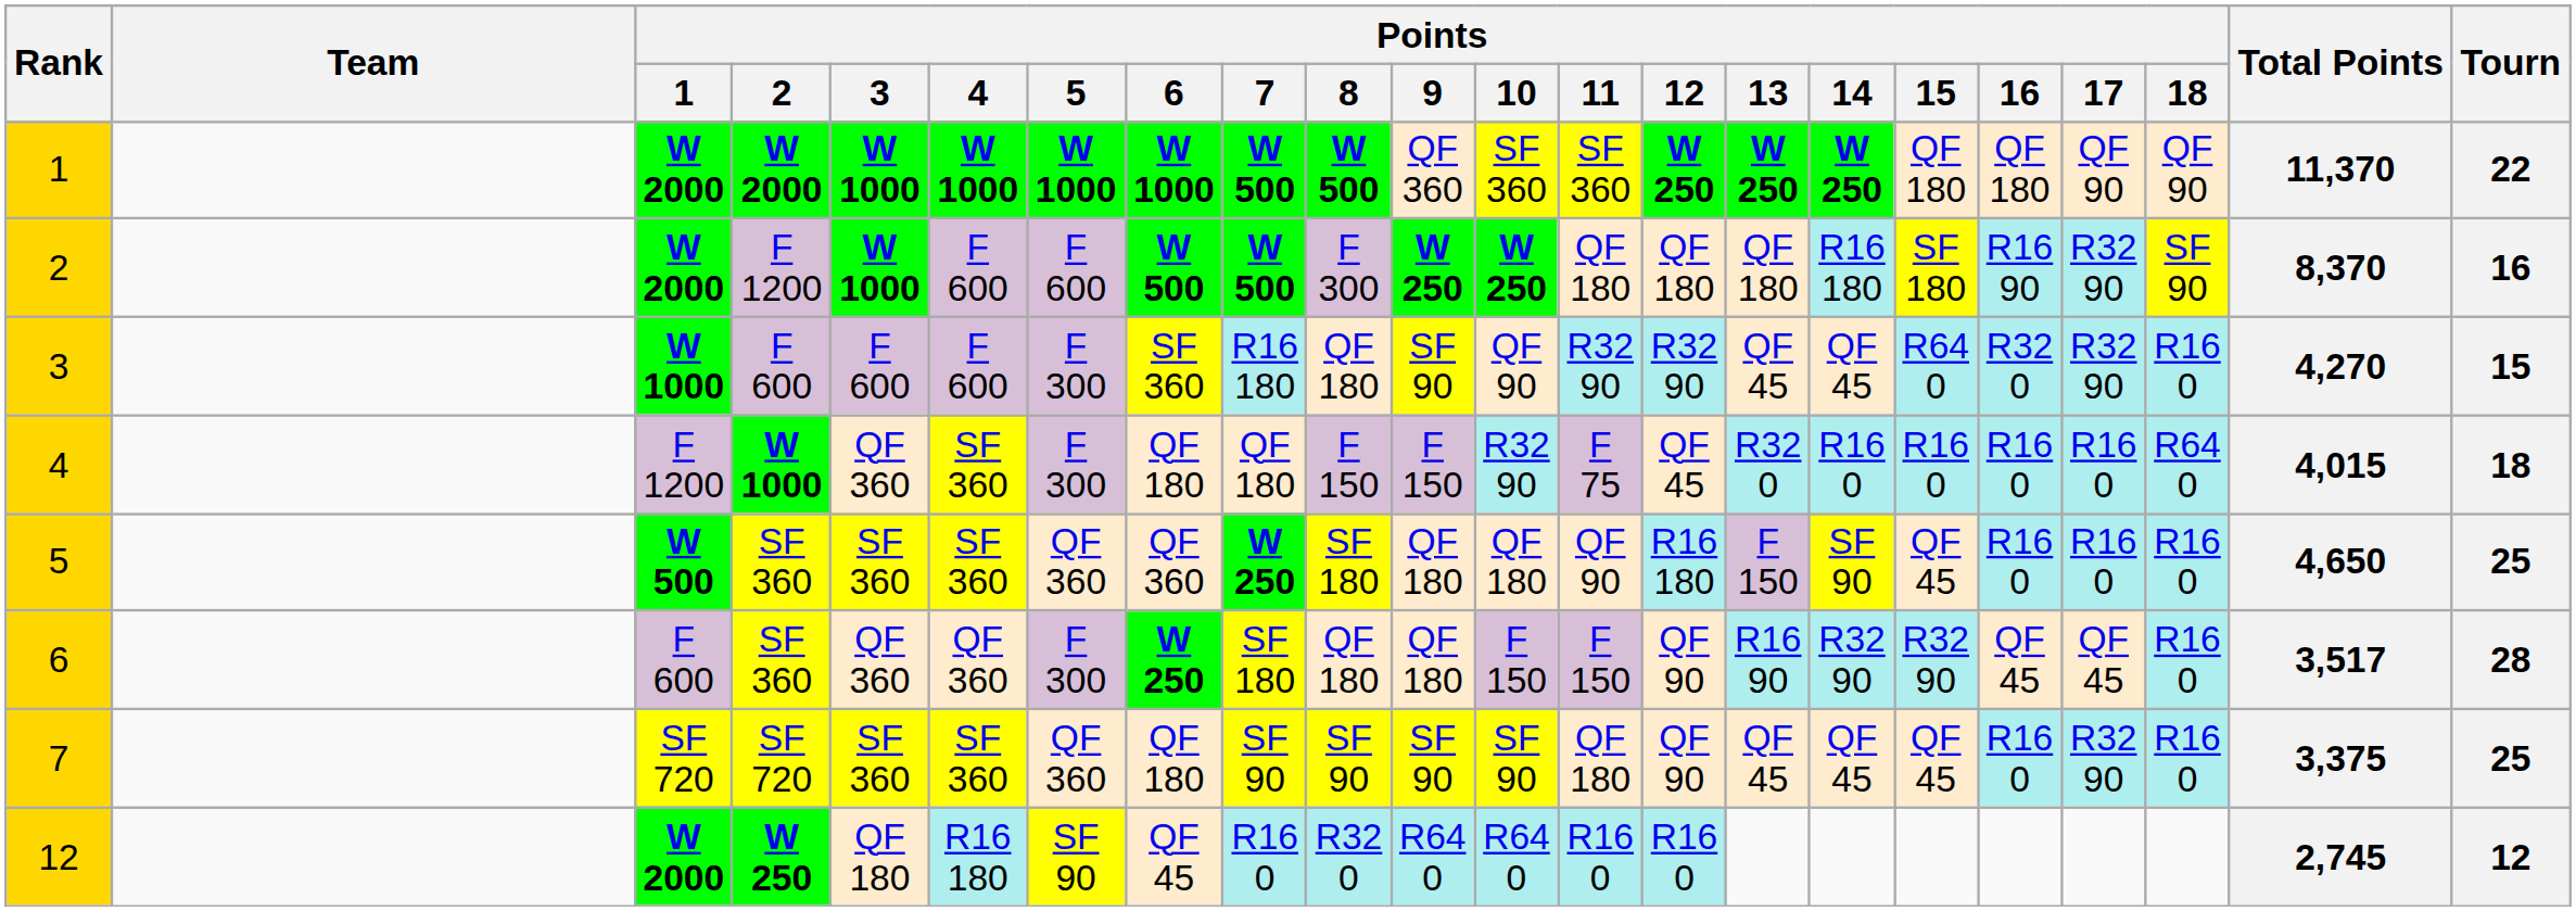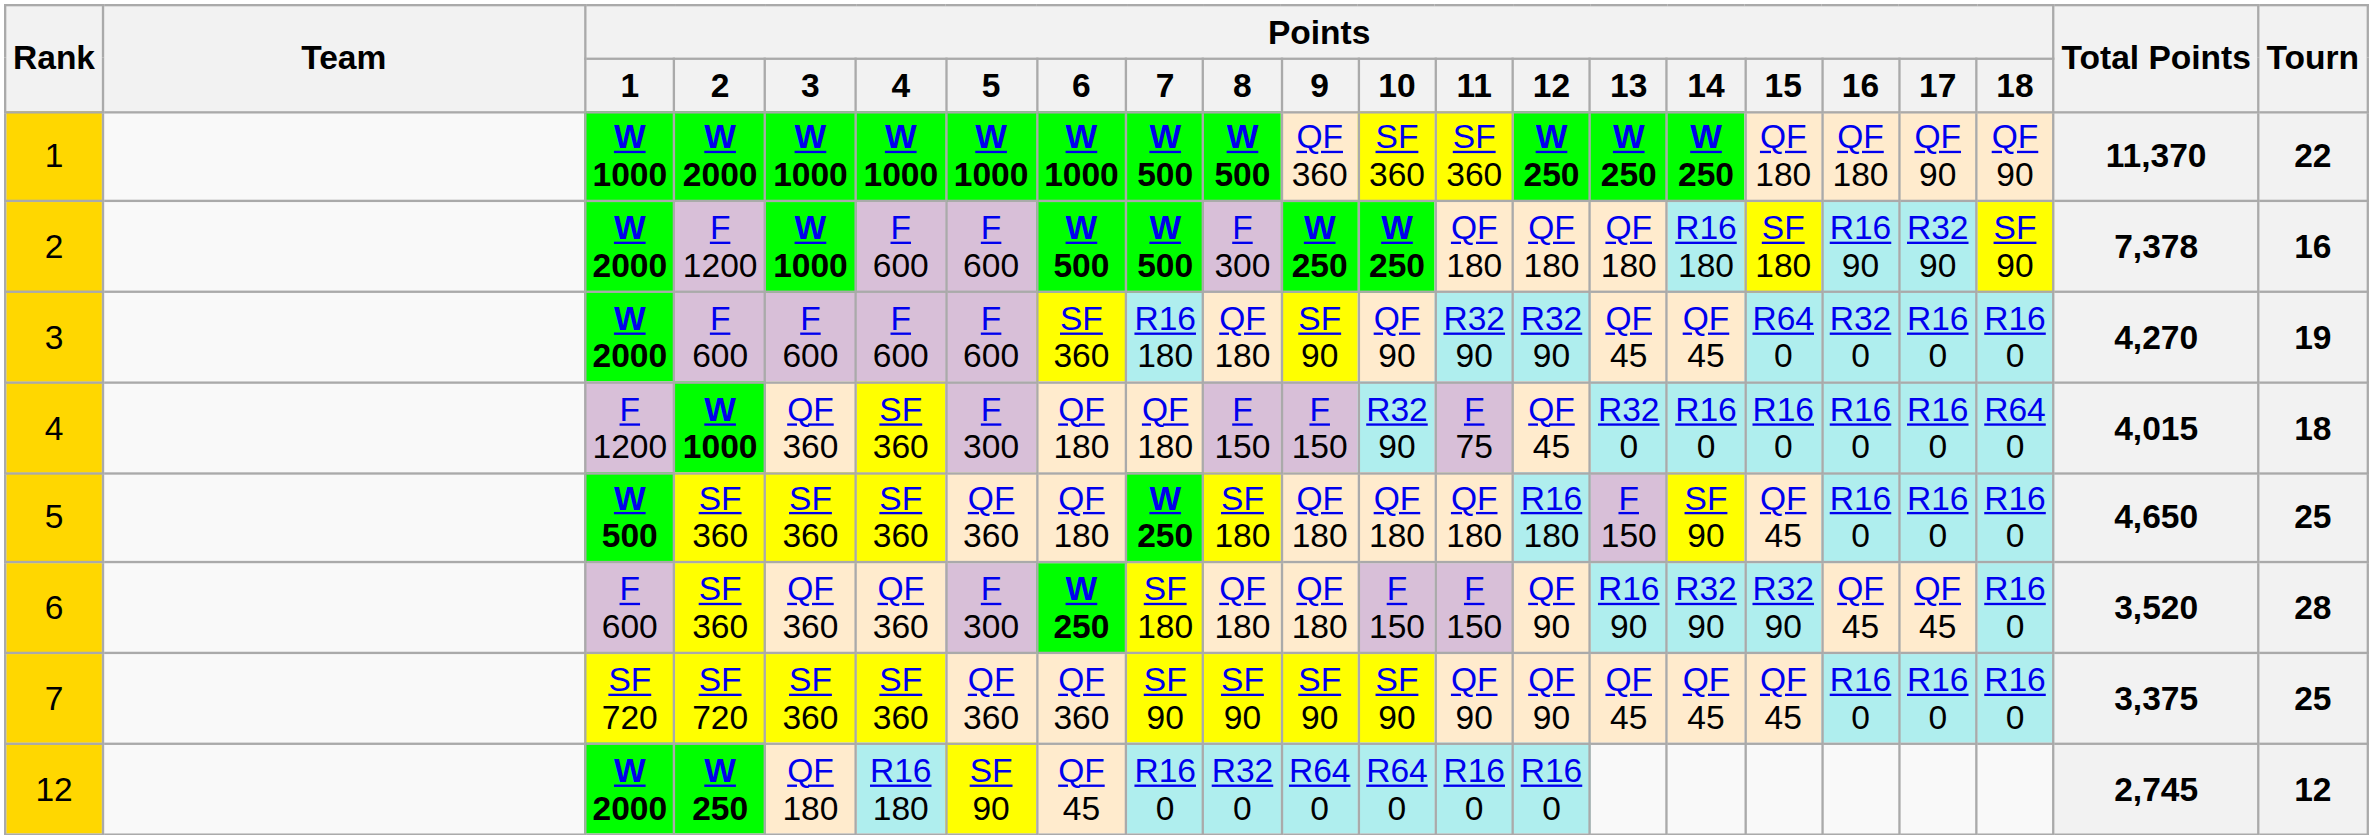 <table class=wikitable style=font-size:90%;text-align:center>
 <tr>
 <th rowspan="2" style="width:20px;">Rank</th>
 <th rowspan="2" style="width:200px;">Team</th>
 <th colspan="18" style="width:50px;">Points</th>
 <th rowspan=2>Total Points</th>
 <th rowspan=2>Tourn</th>
 </tr>
 <tr>
 <th width=25>1</th>
 <th width=25>2</th>
 <th width=25>3</th>
 <th width=25>4</th>
 <th width=25>5</th>
 <th width=25>6</th>
 <th width=25>7</th>
 <th width=25>8</th>
 <th width=25>9</th>
 <th width=25>10</th>
 <th width=25>11</th>
 <th width=25>12</th>
 <th width=25>13</th>
 <th width=25>14</th>
 <th width=25>15</th>
 <th width=25>16</th>
 <th width=25>17</th>
 <th width=25>18</th>
 </tr>
 <tr>
 <td bgcolor=gold>1</td>
 <td align=left><br></td>
-<td bgcolor=lime><strong><a href='#'>W</a><br>2000</strong></td>
+<td bgcolor=lime><strong><a href='#'>W</a><br>1000</strong></td>
 <td bgcolor=lime><strong><a href='#'>W</a><br>2000</strong></td>
 <td bgcolor=lime><strong><a href='#'>W</a><br>1000</strong></td>
 <td bgcolor=lime><strong><a href='#'>W</a><br>1000</strong></td>
 <td bgcolor=lime><strong><a href='#'>W</a><br>1000</strong></td>
 <td bgcolor=lime><strong><a href='#'>W</a><br>1000</strong></td>
 <td bgcolor=lime><strong><a href='#'>W</a><br>500</strong></td>
 <td bgcolor=lime><strong><a href='#'>W</a><br>500</strong></td>
 <td bgcolor=#ffebcd><a href='#'>QF</a><br>360</td>
 <td bgcolor=yellow><a href='#'>SF</a><br>360</td>
 <td bgcolor=yellow><a href='#'>SF</a><br>360</td>
 <td bgcolor=lime> <strong><a href='#'>W</a><br>250</strong></td>
 <td bgcolor=lime> <strong><a href='#'>W</a><br>250</strong></td>
 <td bgcolor=lime> <strong><a href='#'>W</a><br>250</strong></td>
 <td bgcolor=#ffebcd><a href='#'>QF</a><br>180</td>
 <td bgcolor=#ffebcd><a href='#'>QF</a><br>180</td>
 <td bgcolor=#ffebcd><a href='#'>QF</a><br>90</td>
 <td bgcolor=#ffebcd><a href='#'>QF</a><br>90</td>
 <th>11,370</th>
 <th>22</th>
 </tr>
 <tr>
 <td bgcolor=gold>2</td>
 <td align=left><br></td>
 <td bgcolor=lime><strong><a href='#'>W</a><br>2000</strong></td>
 <td bgcolor=thistle><a href='#'>F</a><br>1200</td>
 <td bgcolor=lime><strong><a href='#'>W</a><br>1000</strong></td>
 <td bgcolor=thistle><a href='#'>F</a><br>600</td>
 <td bgcolor=thistle><a href='#'>F</a><br>600</td>
 <td bgcolor=lime><strong><a href='#'>W</a><br>500</strong></td>
 <td bgcolor=lime> <strong><a href='#'>W</a><br>500</strong></td>
 <td bgcolor=thistle><a href='#'>F</a><br>300</td>
 <td bgcolor=lime> <strong><a href='#'>W</a><br>250</strong></td>
 <td bgcolor=lime> <strong><a href='#'>W</a><br>250</strong></td>
 <td bgcolor=#ffebcd><a href='#'>QF</a><br>180</td>
 <td bgcolor=#ffebcd><a href='#'>QF</a><br>180</td>
 <td bgcolor=#ffebcd><a href='#'>QF</a><br>180</td>
 <td bgcolor=#afeeee><a href='#'>R16</a><br>180</td>
 <td bgcolor=yellow><a href='#'>SF</a><br>180</td>
 <td bgcolor=#afeeee><a href='#'>R16</a><br>90</td>
 <td bgcolor=#afeeee><a href='#'>R32</a><br>90</td>
 <td bgcolor=yellow><a href='#'>SF</a><br>90</td>
-<th>8,370</th>
+<th>7,378</th>
 <th>16</th>
 </tr>
 <tr>
 <td bgcolor=gold>3</td>
 <td align=left><br></td>
-<td bgcolor=lime><strong><a href='#'>W</a><br>1000</strong></td>
+<td bgcolor=lime><strong><a href='#'>W</a><br>2000</strong></td>
 <td bgcolor=thistle><a href='#'>F</a><br>600</td>
 <td bgcolor=thistle><a href='#'>F</a><br>600</td>
 <td bgcolor=thistle><a href='#'>F</a><br>600</td>
-<td bgcolor=thistle><a href='#'>F</a><br>300</td>
+<td bgcolor=thistle><a href='#'>F</a><br>600</td>
 <td bgcolor=yellow><a href='#'>SF</a><br>360</td>
 <td bgcolor=#afeeee><a href='#'>R16</a><br>180</td>
 <td bgcolor=#ffebcd><a href='#'>QF</a><br>180</td>
 <td bgcolor=yellow><a href='#'>SF</a><br>90</td>
 <td bgcolor=#ffebcd><a href='#'>QF</a><br>90</td>
 <td bgcolor=#afeeee><a href='#'>R32</a><br>90</td>
 <td bgcolor=#afeeee><a href='#'>R32</a><br>90</td>
 <td bgcolor=#ffebcd><a href='#'>QF</a><br>45</td>
 <td bgcolor=#ffebcd><a href='#'>QF</a><br>45</td>
 <td bgcolor=#afeeee><a href='#'>R64</a><br>0</td>
 <td bgcolor=#afeeee><a href='#'>R32</a><br>0</td>
-<td bgcolor=#afeeee><a href='#'>R32</a><br>90</td>
+<td bgcolor=#afeeee><a href='#'>R16</a><br>0</td>
 <td bgcolor=#afeeee><a href='#'>R16</a><br>0</td>
 <th>4,270</th>
-<th>15</th>
+<th>19</th>
 </tr>
 <tr>
 <td bgcolor=gold>4</td>
 <td align=left><br></td>
 <td bgcolor=thistle><a href='#'>F</a><br>1200</td>
 <td bgcolor=lime><strong><a href='#'>W</a><br>1000</strong></td>
 <td bgcolor=#ffebcd><a href='#'>QF</a><br>360</td>
 <td bgcolor=yellow><a href='#'>SF</a><br>360</td>
 <td bgcolor=thistle><a href='#'>F</a><br>300</td>
 <td bgcolor=#ffebcd><a href='#'>QF</a><br>180</td>
 <td bgcolor=#ffebcd><a href='#'>QF</a><br>180</td>
 <td bgcolor=thistle><a href='#'>F</a><br>150</td>
 <td bgcolor=thistle><a href='#'>F</a><br>150</td>
 <td bgcolor=#afeeee><a href='#'>R32</a><br>90</td>
 <td bgcolor=thistle><a href='#'>F</a><br>75</td>
 <td bgcolor=#ffebcd><a href='#'>QF</a><br>45</td>
 <td bgcolor=#afeeee><a href='#'>R32</a><br>0</td>
 <td bgcolor=#afeeee><a href='#'>R16</a><br>0</td>
 <td bgcolor=#afeeee><a href='#'>R16</a><br>0</td>
 <td bgcolor=#afeeee><a href='#'>R16</a><br>0</td>
 <td bgcolor=#afeeee><a href='#'>R16</a><br>0</td>
 <td bgcolor=#afeeee><a href='#'>R64</a><br>0</td>
 <th>4,015</th>
 <th>18</th>
 </tr>
 <tr>
 <td bgcolor=gold>5</td>
 <td align=left><br></td>
 <td bgcolor=lime><strong><a href='#'>W</a><br>500</strong></td>
 <td bgcolor=yellow><a href='#'>SF</a><br>360</td>
 <td bgcolor=yellow><a href='#'>SF</a><br>360</td>
 <td bgcolor=yellow><a href='#'>SF</a><br>360</td>
 <td bgcolor=#ffebcd><a href='#'>QF</a><br>360</td>
-<td bgcolor=#ffebcd><a href='#'>QF</a><br>360</td>
+<td bgcolor=#ffebcd><a href='#'>QF</a><br>180</td>
 <td bgcolor=lime><strong><a href='#'>W</a><br>250</strong></td>
 <td bgcolor=yellow><a href='#'>SF</a><br>180</td>
 <td bgcolor=#ffebcd><a href='#'>QF</a><br>180</td>
 <td bgcolor=#ffebcd><a href='#'>QF</a><br>180</td>
-<td bgcolor=#ffebcd><a href='#'>QF</a><br>90</td>
+<td bgcolor=#ffebcd><a href='#'>QF</a><br>180</td>
 <td bgcolor=#afeeee><a href='#'>R16</a><br>180</td>
 <td bgcolor=thistle><a href='#'>F</a><br>150</td>
 <td bgcolor=yellow><a href='#'>SF</a><br>90</td>
 <td bgcolor=#ffebcd><a href='#'>QF</a><br>45</td>
 <td bgcolor=#afeeee><a href='#'>R16</a><br>0</td>
 <td bgcolor=#afeeee><a href='#'>R16</a><br>0</td>
 <td bgcolor=#afeeee><a href='#'>R16</a><br>0</td>
 <th>4,650</th>
 <th>25</th>
 </tr>
 <tr>
 <td bgcolor=gold>6</td>
 <td align=left><br></td>
 <td bgcolor=thistle><a href='#'>F</a><br>600</td>
 <td bgcolor=yellow><a href='#'>SF</a><br>360</td>
 <td bgcolor=#ffebcd><a href='#'>QF</a><br>360</td>
 <td bgcolor=#ffebcd><a href='#'>QF</a><br>360</td>
 <td bgcolor=thistle><a href='#'>F</a><br>300</td>
 <td bgcolor=lime><strong><a href='#'>W</a><br>250</strong></td>
 <td bgcolor=yellow><a href='#'>SF</a><br>180</td>
 <td bgcolor=#ffebcd><a href='#'>QF</a><br>180</td>
 <td bgcolor=#ffebcd><a href='#'>QF</a><br>180</td>
 <td bgcolor=thistle><a href='#'>F</a><br>150</td>
 <td bgcolor=thistle><a href='#'>F</a><br>150</td>
 <td bgcolor=#ffebcd><a href='#'>QF</a><br>90</td>
 <td bgcolor=#afeeee><a href='#'>R16</a><br>90</td>
 <td bgcolor=#afeeee><a href='#'>R32</a><br>90</td>
 <td bgcolor=#afeeee><a href='#'>R32</a><br>90</td>
 <td bgcolor=#ffebcd><a href='#'>QF</a><br>45</td>
 <td bgcolor=#ffebcd><a href='#'>QF</a><br>45</td>
 <td bgcolor=#afeeee><a href='#'>R16</a><br>0</td>
-<th>3,517</th>
+<th>3,520</th>
 <th>28</th>
 </tr>
 <tr>
 <td bgcolor=gold>7</td>
 <td align=left><br></td>
 <td bgcolor=yellow><a href='#'>SF</a><br>720</td>
 <td bgcolor=yellow><a href='#'>SF</a><br>720</td>
 <td bgcolor=yellow><a href='#'>SF</a><br>360</td>
 <td bgcolor=yellow><a href='#'>SF</a><br>360</td>
 <td bgcolor=#ffebcd><a href='#'>QF</a><br>360</td>
-<td bgcolor=#ffebcd><a href='#'>QF</a><br>180</td>
+<td bgcolor=#ffebcd><a href='#'>QF</a><br>360</td>
 <td bgcolor=yellow><a href='#'>SF</a><br>90</td>
 <td bgcolor=yellow><a href='#'>SF</a><br>90</td>
 <td bgcolor=yellow><a href='#'>SF</a><br>90</td>
 <td bgcolor=yellow><a href='#'>SF</a><br>90</td>
-<td bgcolor=#ffebcd><a href='#'>QF</a><br>180</td>
+<td bgcolor=#ffebcd><a href='#'>QF</a><br>90</td>
 <td bgcolor=#ffebcd><a href='#'>QF</a><br>90</td>
 <td bgcolor=#ffebcd><a href='#'>QF</a><br>45</td>
 <td bgcolor=#ffebcd><a href='#'>QF</a><br>45</td>
 <td bgcolor=#ffebcd><a href='#'>QF</a><br>45</td>
 <td bgcolor=#afeeee><a href='#'>R16</a><br>0</td>
-<td bgcolor=#afeeee><a href='#'>R32</a><br>90</td>
+<td bgcolor=#afeeee><a href='#'>R16</a><br>0</td>
 <td bgcolor=#afeeee><a href='#'>R16</a><br>0</td>
 <th>3,375</th>
 <th>25</th>
 </tr>
 <tr>
 <td bgcolor=gold>12</td>
 <td align=left><br></td>
 <td bgcolor=lime><strong><a href='#'>W</a><br>2000</strong></td>
 <td bgcolor=lime><strong><a href='#'>W</a><br>250</strong></td>
 <td bgcolor=#ffebcd><a href='#'>QF</a><br>180</td>
 <td bgcolor=#afeeee><a href='#'>R16</a><br>180</td>
 <td bgcolor=yellow><a href='#'>SF</a><br>90</td>
 <td bgcolor=#ffebcd><a href='#'>QF</a><br>45</td>
 <td bgcolor=#afeeee><a href='#'>R16</a><br>0</td>
 <td bgcolor=#afeeee><a href='#'>R32</a><br>0</td>
 <td bgcolor=#afeeee><a href='#'>R64</a><br>0</td>
 <td bgcolor=#afeeee><a href='#'>R64</a><br>0</td>
 <td bgcolor=#afeeee><a href='#'>R16</a><br>0</td>
 <td bgcolor=#afeeee><a href='#'>R16</a><br>0</td>
 <td></td>
 <td></td>
 <td></td>
 <td></td>
 <td></td>
 <td></td>
 <th>2,745</th>
 <th>12</th>
 </tr>
 </table>
